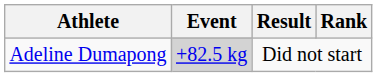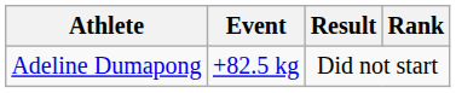 <table class="wikitable" style="font-size:90%">
 <tr>
 <th>Athlete</th>
 <th>Event</th>
 <th>Result</th>
 <th>Rank</th>
 </tr>
 <tr>
 <td><a href='#'>Adeline Dumapong</a></td>
-<td style="background: lightgrey;"><a href='#'>+82.5 kg</a></td>
+<td><a href='#'>+82.5 kg</a></td>
 <td align="center" colspan="2">Did not start</td>
 </tr>
 </table>
